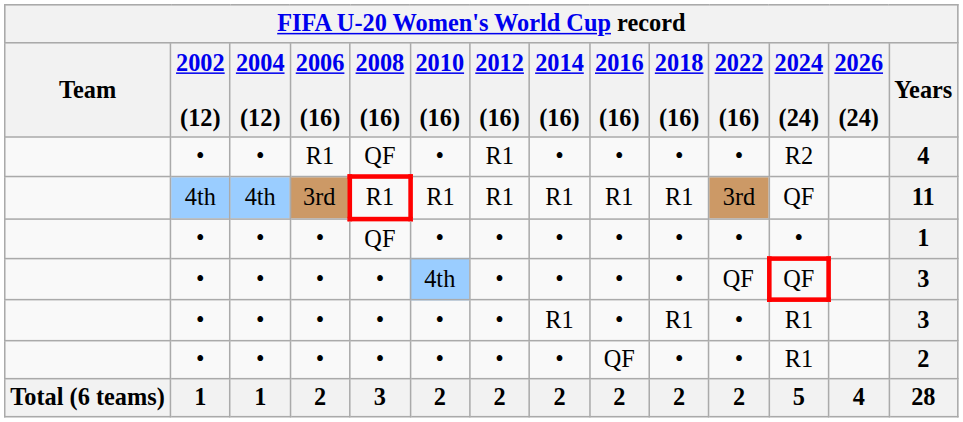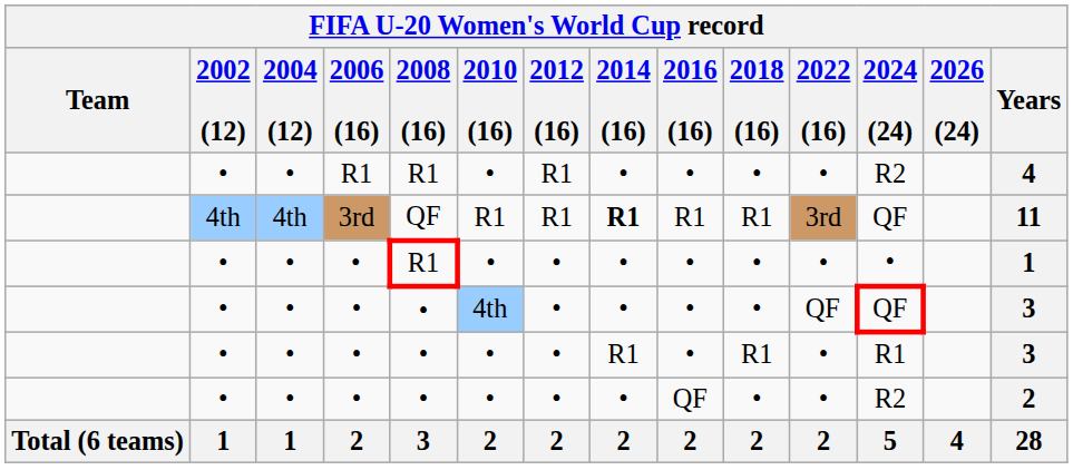 <table class="wikitable">
 <tr style="background:#cccccc;" align=center>
 <th colspan=14><a href='#'>FIFA U-20 Women's World Cup</a> record</th>
 </tr>
 <tr>
 <th>Team</th>
 <th><a href='#'>2002</a><br><br>(12)</th>
 <th><a href='#'>2004</a><br><br>(12)</th>
 <th><a href='#'>2006</a><br><br>(16)</th>
 <th><a href='#'>2008</a><br><br>(16)</th>
 <th><a href='#'>2010</a><br><br>(16)</th>
 <th><a href='#'>2012</a><br><br>(16)</th>
 <th><a href='#'>2014</a><br><br>(16)</th>
 <th><a href='#'>2016</a><br><br>(16)</th>
 <th><a href='#'>2018</a><br><br>(16)</th>
 <th><a href='#'>2022</a><br><br>(16)</th>
 <th><a href='#'>2024</a><br><br>(24)</th>
 <th><a href='#'>2026</a><br><br>(24)</th>
 <th>Years</th>
 </tr>
 <tr align=center>
 <td align=left></td>
 <td>•</td>
 <td>•</td>
 <td>R1</td>
-<td>QF</td>
+<td>R1</td>
 <td>•</td>
 <td>R1</td>
 <td>•</td>
 <td>•</td>
 <td>•</td>
 <td>•</td>
 <td>R2</td>
 <td></td>
 <th>4</th>
 </tr>
 <tr align=center>
 <td align=left></td>
 <td bgcolor=#9acdff>4th</td>
 <td bgcolor=#9acdff>4th</td>
 <td bgcolor=#cc9966>3rd</td>
-<td style="border: 3px solid red">R1</td>
+<td>QF</td>
 <td>R1</td>
 <td>R1</td>
-<td>R1</td>
+<td><strong>R1</strong></td>
 <td>R1</td>
 <td>R1</td>
 <td bgcolor=#cc9966>3rd</td>
 <td>QF</td>
 <td></td>
 <th>11</th>
 </tr>
 <tr align=center>
 <td align=left></td>
 <td>•</td>
 <td>•</td>
 <td>•</td>
-<td>QF</td>
+<td style="border: 3px solid red">R1</td>
 <td>•</td>
 <td>•</td>
 <td>•</td>
 <td>•</td>
 <td>•</td>
 <td>•</td>
 <td>•</td>
 <td></td>
 <th>1</th>
 </tr>
 <tr align=center>
 <td align=left></td>
 <td>•</td>
 <td>•</td>
 <td>•</td>
 <td>•</td>
 <td bgcolor=#9acdff>4th</td>
 <td>•</td>
 <td>•</td>
 <td>•</td>
 <td>•</td>
 <td>QF</td>
 <td style="border: 3px solid red">QF</td>
 <td></td>
 <th>3</th>
 </tr>
 <tr align=center>
 <td align=left></td>
 <td>•</td>
 <td>•</td>
 <td>•</td>
 <td>•</td>
 <td>•</td>
 <td>•</td>
 <td>R1</td>
 <td>•</td>
 <td>R1</td>
 <td>•</td>
 <td>R1</td>
 <td></td>
 <th>3</th>
 </tr>
 <tr align=center>
 <td align=left></td>
 <td>•</td>
 <td>•</td>
 <td>•</td>
 <td>•</td>
 <td>•</td>
 <td>•</td>
 <td>•</td>
 <td>QF</td>
 <td>•</td>
 <td>•</td>
-<td>R1</td>
+<td>R2</td>
 <td></td>
 <th>2</th>
 </tr>
 <tr align=center>
 <th align=left><strong>Total (6 teams)</strong></th>
 <th><strong>1</strong></th>
 <th><strong>1</strong></th>
 <th><strong>2</strong></th>
 <th><strong>3</strong></th>
 <th><strong>2</strong></th>
 <th><strong>2</strong></th>
 <th><strong>2</strong></th>
 <th><strong>2</strong></th>
 <th><strong>2</strong></th>
 <th><strong>2</strong></th>
 <th><strong>5</strong></th>
 <th><strong>4</strong></th>
 <th>28</th>
 </tr>
 </table>
